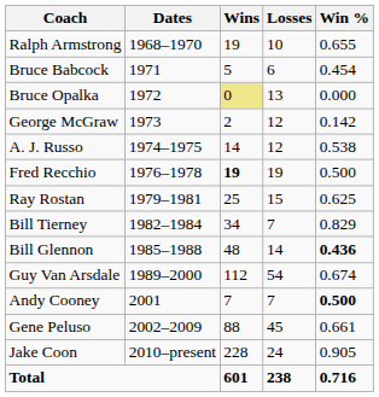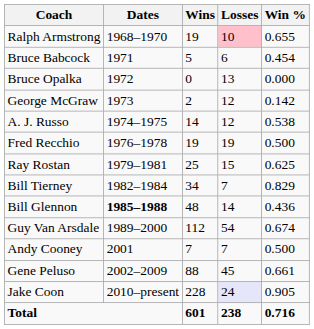 <table class="wikitable">
 <tr>
 <th width=px>Coach</th>
 <th width=px>Dates</th>
 <th width=px>Wins</th>
 <th width=px>Losses</th>
 <th width=px>Win %</th>
 </tr>
 <tr>
 <td>Ralph Armstrong</td>
 <td>1968–1970</td>
 <td>19</td>
-<td>10</td>
+<td style="background: pink;">10</td>
 <td>0.655</td>
 </tr>
 <tr>
 <td>Bruce Babcock</td>
 <td>1971</td>
 <td>5</td>
 <td>6</td>
 <td>0.454</td>
 </tr>
 <tr>
 <td>Bruce Opalka</td>
 <td>1972</td>
-<td style="background: khaki;">0</td>
+<td>0</td>
 <td>13</td>
 <td>0.000</td>
 </tr>
 <tr>
 <td>George McGraw</td>
 <td>1973</td>
 <td>2</td>
 <td>12</td>
 <td>0.142</td>
 </tr>
 <tr>
 <td>A. J. Russo</td>
 <td>1974–1975</td>
 <td>14</td>
 <td>12</td>
 <td>0.538</td>
 </tr>
 <tr>
 <td>Fred Recchio</td>
 <td>1976–1978</td>
-<td><strong>19</strong></td>
+<td>19</td>
 <td>19</td>
 <td>0.500</td>
 </tr>
 <tr>
 <td>Ray Rostan</td>
 <td>1979–1981</td>
 <td>25</td>
 <td>15</td>
 <td>0.625</td>
 </tr>
 <tr>
 <td>Bill Tierney</td>
 <td>1982–1984</td>
 <td>34</td>
 <td>7</td>
 <td>0.829</td>
 </tr>
 <tr>
 <td>Bill Glennon</td>
-<td>1985–1988</td>
+<td><strong>1985–1988</strong></td>
 <td>48</td>
 <td>14</td>
-<td><strong>0.436</strong></td>
+<td>0.436</td>
 </tr>
 <tr>
 <td>Guy Van Arsdale</td>
 <td>1989–2000</td>
 <td>112</td>
 <td>54</td>
 <td>0.674</td>
 </tr>
 <tr>
 <td>Andy Cooney</td>
 <td>2001</td>
 <td>7</td>
 <td>7</td>
-<td><strong>0.500</strong></td>
+<td>0.500</td>
 </tr>
 <tr>
 <td>Gene Peluso</td>
 <td>2002–2009</td>
 <td>88</td>
 <td>45</td>
 <td>0.661</td>
 </tr>
 <tr>
 <td>Jake Coon</td>
 <td>2010–present</td>
 <td>228</td>
-<td>24</td>
+<td style="background: lavender;">24</td>
 <td>0.905</td>
 </tr>
 <tr>
 <td colspan=2><strong>Total</strong></td>
 <td><strong>601</strong></td>
 <td><strong>238</strong></td>
 <td><strong>0.716</strong></td>
 </tr>
 </table>
